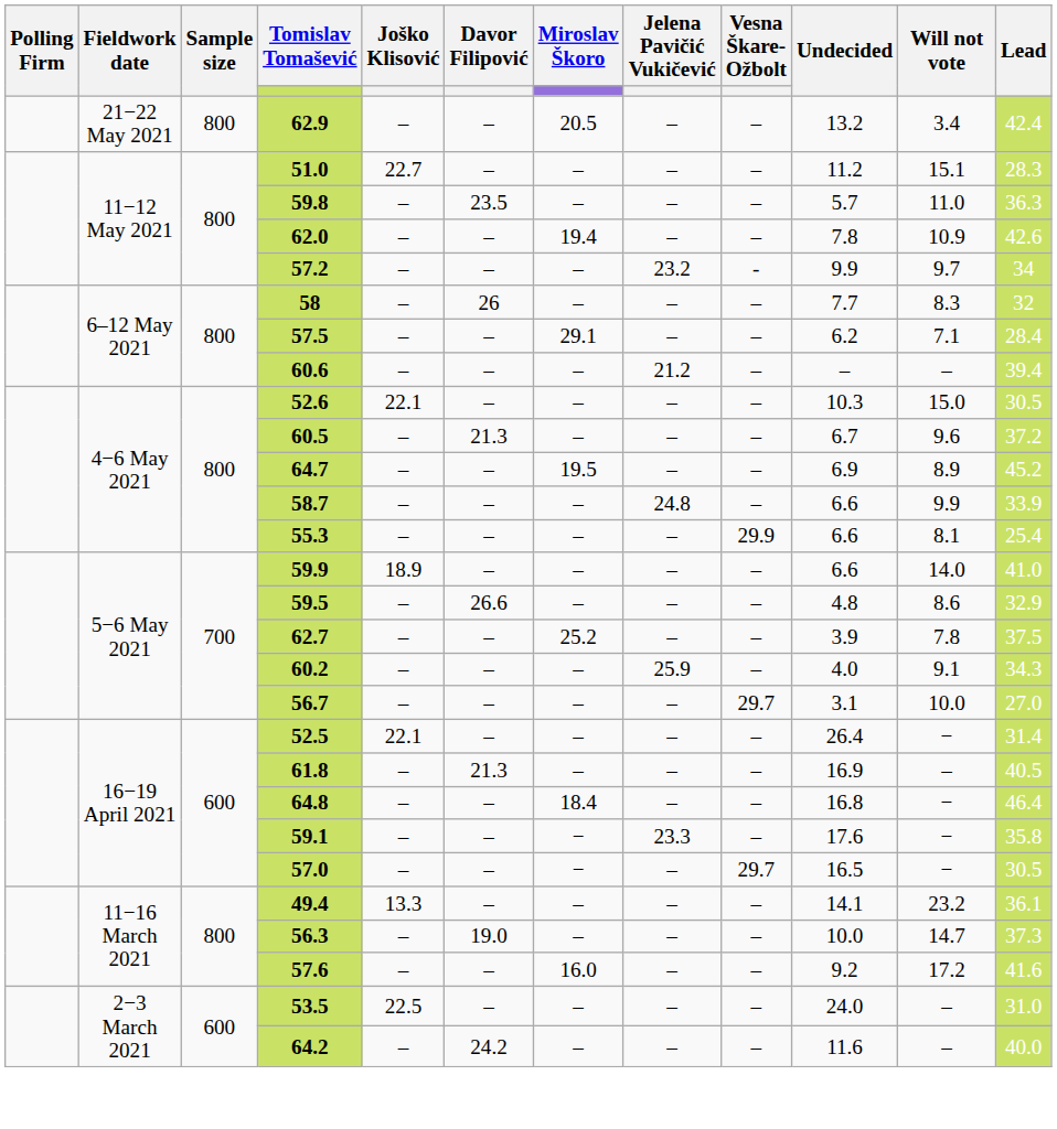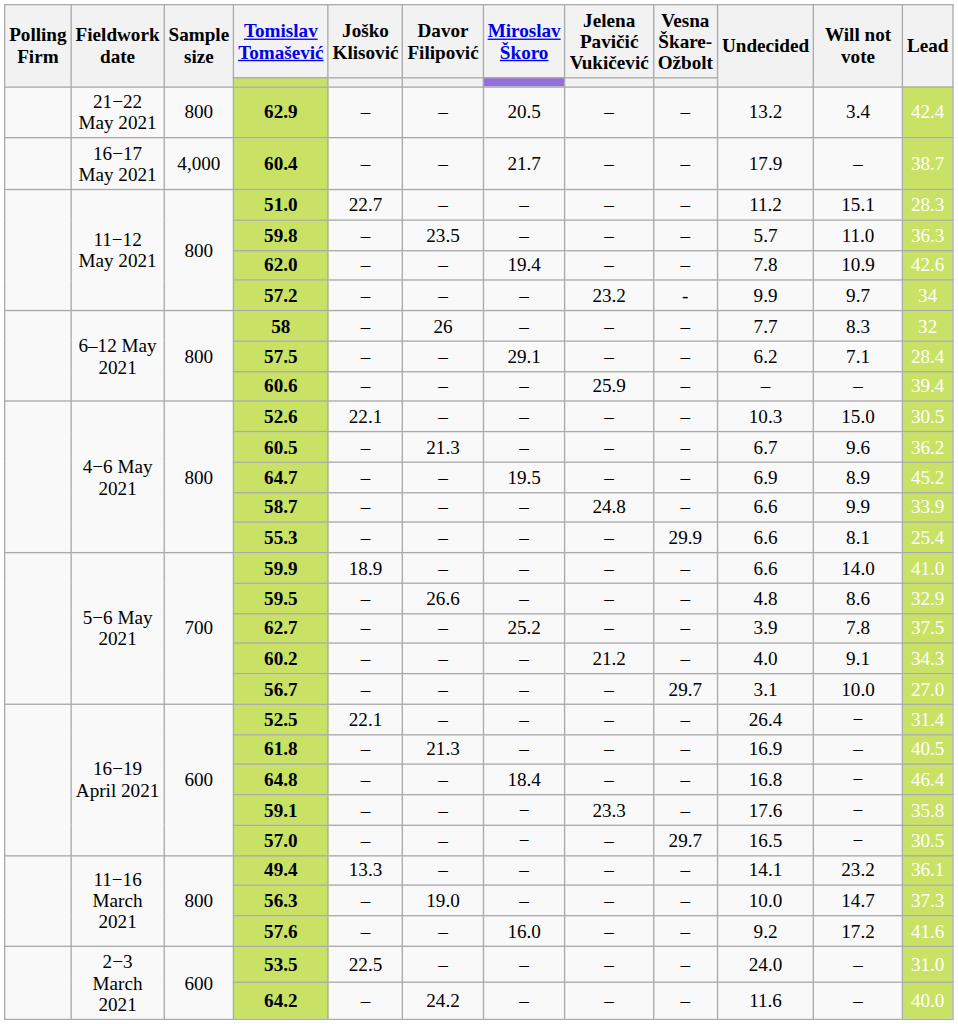 <table class="wikitable sortable" style="text-align:center; font-size:90%; line-height:16px;">
 <tr style="height:42px;">
 <th rowspan="2" style="width:40px;">Polling Firm</th>
 <th rowspan="2" style="width:40px;">Fieldwork date</th>
 <th rowspan="2" style="width:40px;">Sample <br> size</th>
 <th class="unsortable" style="width:40px;"><a href='#'>Tomislav Tomašević</a></th>
 <th class="unsortable" style="width:40px;">Joško Klisović</th>
 <th class="unsortable" style="width:40px;">Davor Filipović</th>
 <th class="unsortable" style="width:40px;"><a href='#'>Miroslav Škoro</a></th>
 <th class="unsortable" style="width:40px;">Jelena Pavičić Vukičević</th>
 <th class="unsortable" style="width:40px;">Vesna Škare-Ožbolt</th>
 <th rowspan="2" class="unsortable" style="width:40px;">Undecided</th>
 <th rowspan="2" class="unsortable" style="width:60px;">Will not vote</th>
 <th rowspan="2" class="unsortable" style="width:20px;">Lead</th>
 </tr>
 <tr>
 <th class="unsortable" style="background:#C9E265" width="45px"></th>
 <th class="unsortable" style="color:inherit;background:"></th>
 <th class="unsortable" style="color:inherit;background:"></th>
 <th class="unsortable" style="color:inherit;background:#9370DB; width:45px;"></th>
 <th class="unsortable" style="color:inherit;background:"></th>
 <th class="unsortable" style="color:inherit;background:"></th>
 </tr>
 <tr>
 <td></td>
 <td>21−22 May 2021</td>
 <td>800</td>
 <td style="background:#C9E265"><strong>62.9</strong></td>
 <td>–</td>
 <td>–</td>
 <td>20.5</td>
 <td>–</td>
 <td>–</td>
 <td>13.2</td>
 <td>3.4</td>
 <td style="background:#C9E265; color: white">42.4</td>
+</tr>
+<tr>
+<td></td>
+<td>16−17 May 2021</td>
+<td>4,000</td>
+<td style="background:#C9E265"><strong>60.4</strong></td>
+<td>–</td>
+<td>–</td>
+<td>21.7</td>
+<td>–</td>
+<td>–</td>
+<td>17.9</td>
+<td>–</td>
+<td style="background:#C9E265; color: white">38.7</td>
 </tr>
 <tr>
 <td rowspan=4></td>
 <td rowspan=4>11−12 May 2021</td>
 <td rowspan=4>800</td>
 <td style="background:#C9E265"><strong>51.0</strong></td>
 <td>22.7</td>
 <td>–</td>
 <td>–</td>
 <td>–</td>
 <td>–</td>
 <td>11.2</td>
 <td>15.1</td>
 <td style="background:#C9E265; color: white">28.3</td>
 </tr>
 <tr>
 <td style="background:#C9E265"><strong>59.8</strong></td>
 <td>–</td>
 <td>23.5</td>
 <td>–</td>
 <td>–</td>
 <td>–</td>
 <td>5.7</td>
 <td>11.0</td>
 <td style="background:#C9E265; color: white">36.3</td>
 </tr>
 <tr>
 <td style="background:#C9E265"><strong>62.0</strong></td>
 <td>–</td>
 <td>–</td>
 <td>19.4</td>
 <td>–</td>
 <td>–</td>
 <td>7.8</td>
 <td>10.9</td>
 <td style="background:#C9E265; color: white">42.6</td>
 </tr>
 <tr>
 <td style="background:#C9E265"><strong>57.2</strong></td>
 <td>–</td>
 <td>–</td>
 <td>–</td>
 <td>23.2</td>
 <td>-</td>
 <td>9.9</td>
 <td>9.7</td>
 <td style="background:#C9E265; color: white">34</td>
 </tr>
 <tr>
 <td rowspan=3></td>
 <td rowspan=3>6–12 May 2021</td>
 <td rowspan=3>800</td>
 <td style="background:#C9E265"><strong>58</strong></td>
 <td>–</td>
 <td>26</td>
 <td>–</td>
 <td>–</td>
 <td>–</td>
 <td>7.7</td>
 <td>8.3</td>
 <td style="background:#C9E265; color: white">32</td>
 </tr>
 <tr>
 <td style="background:#C9E265"><strong>57.5</strong></td>
 <td>–</td>
 <td>–</td>
 <td>29.1</td>
 <td>–</td>
 <td>–</td>
 <td>6.2</td>
 <td>7.1</td>
 <td style="background:#C9E265; color: white">28.4</td>
 </tr>
 <tr>
 <td style="background:#C9E265"><strong>60.6</strong></td>
 <td>–</td>
 <td>–</td>
 <td>–</td>
-<td>21.2</td>
+<td>25.9</td>
 <td>–</td>
 <td>–</td>
 <td>–</td>
 <td style="background:#C9E265; color: white">39.4</td>
 </tr>
 <tr>
 <td rowspan="5"></td>
 <td rowspan="5">4−6 May 2021</td>
 <td rowspan="5">800</td>
 <td style="background:#C9E265"><strong>52.6</strong></td>
 <td>22.1</td>
 <td>–</td>
 <td>–</td>
 <td>–</td>
 <td>–</td>
 <td>10.3</td>
 <td>15.0</td>
 <td style="background:#C9E265; color: white">30.5</td>
 </tr>
 <tr>
 <td style="background:#C9E265"><strong>60.5</strong></td>
 <td>–</td>
 <td>21.3</td>
 <td>–</td>
 <td>–</td>
 <td>–</td>
 <td>6.7</td>
 <td>9.6</td>
-<td style="background:#C9E265; color: white">37.2</td>
+<td style="background:#C9E265; color: white">36.2</td>
 </tr>
 <tr>
 <td style="background:#C9E265"><strong>64.7</strong></td>
 <td>–</td>
 <td>–</td>
 <td>19.5</td>
 <td>–</td>
 <td>–</td>
 <td>6.9</td>
 <td>8.9</td>
 <td style="background:#C9E265; color: white">45.2</td>
 </tr>
 <tr>
 <td style="background:#C9E265"><strong>58.7</strong></td>
 <td>–</td>
 <td>–</td>
 <td>–</td>
 <td>24.8</td>
 <td>–</td>
 <td>6.6</td>
 <td>9.9</td>
 <td style="background:#C9E265; color: white">33.9</td>
 </tr>
 <tr>
 <td style="background:#C9E265"><strong>55.3</strong></td>
 <td>–</td>
 <td>–</td>
 <td>–</td>
 <td>–</td>
 <td>29.9</td>
 <td>6.6</td>
 <td>8.1</td>
 <td style="background:#C9E265; color: white">25.4</td>
 </tr>
 <tr>
 <td rowspan="5"></td>
 <td rowspan="5">5−6 May 2021</td>
 <td rowspan="5">700</td>
 <td style="background:#C9E265"><strong>59.9</strong></td>
 <td>18.9</td>
 <td>–</td>
 <td>–</td>
 <td>–</td>
 <td>–</td>
 <td>6.6</td>
 <td>14.0</td>
 <td style="background:#C9E265; color: white">41.0</td>
 </tr>
 <tr>
 <td style="background:#C9E265"><strong>59.5</strong></td>
 <td>–</td>
 <td>26.6</td>
 <td>–</td>
 <td>–</td>
 <td>–</td>
 <td>4.8</td>
 <td>8.6</td>
 <td style="background:#C9E265; color: white">32.9</td>
 </tr>
 <tr>
 <td style="background:#C9E265"><strong>62.7</strong></td>
 <td>–</td>
 <td>–</td>
 <td>25.2</td>
 <td>–</td>
 <td>–</td>
 <td>3.9</td>
 <td>7.8</td>
 <td style="background:#C9E265; color: white">37.5</td>
 </tr>
 <tr>
 <td style="background:#C9E265"><strong>60.2</strong></td>
 <td>–</td>
 <td>–</td>
 <td>–</td>
-<td>25.9</td>
+<td>21.2</td>
 <td>–</td>
 <td>4.0</td>
 <td>9.1</td>
 <td style="background:#C9E265; color: white">34.3</td>
 </tr>
 <tr>
 <td style="background:#C9E265"><strong>56.7</strong></td>
 <td>–</td>
 <td>–</td>
 <td>–</td>
 <td>–</td>
 <td>29.7</td>
 <td>3.1</td>
 <td>10.0</td>
 <td style="background:#C9E265; color: white">27.0</td>
 </tr>
 <tr>
 <td rowspan="5"></td>
 <td rowspan="5">16−19 April 2021</td>
 <td rowspan="5">600</td>
 <td style="background:#C9E265"><strong>52.5</strong></td>
 <td>22.1</td>
 <td>–</td>
 <td>–</td>
 <td>–</td>
 <td>–</td>
 <td>26.4</td>
 <td>−</td>
 <td style="background:#C9E265; color: white">31.4</td>
 </tr>
 <tr>
 <td style="background:#C9E265"><strong>61.8</strong></td>
 <td>–</td>
 <td>21.3</td>
 <td>–</td>
 <td>–</td>
 <td>–</td>
 <td>16.9</td>
 <td>–</td>
 <td style="background:#C9E265; color: white">40.5</td>
 </tr>
 <tr>
 <td style="background:#C9E265"><strong>64.8</strong></td>
 <td>–</td>
 <td>–</td>
 <td>18.4</td>
 <td>–</td>
 <td>–</td>
 <td>16.8</td>
 <td>−</td>
 <td style="background:#C9E265; color: white">46.4</td>
 </tr>
 <tr>
 <td style="background:#C9E265"><strong>59.1</strong></td>
 <td>–</td>
 <td>–</td>
 <td>−</td>
 <td>23.3</td>
 <td>–</td>
 <td>17.6</td>
 <td>−</td>
 <td style="background:#C9E265; color: white">35.8</td>
 </tr>
 <tr>
 <td style="background:#C9E265"><strong>57.0</strong></td>
 <td>–</td>
 <td>–</td>
 <td>−</td>
 <td>–</td>
 <td>29.7</td>
 <td>16.5</td>
 <td>−</td>
 <td style="background:#C9E265; color: white">30.5</td>
 </tr>
 <tr>
 <td rowspan="3"></td>
 <td rowspan="3">11−16 March 2021</td>
 <td rowspan="3">800</td>
 <td style="background:#C9E265"><strong>49.4</strong></td>
 <td>13.3</td>
 <td>–</td>
 <td>–</td>
 <td>–</td>
 <td>–</td>
 <td>14.1</td>
 <td>23.2</td>
 <td style="background:#C9E265; color: white">36.1</td>
 </tr>
 <tr>
 <td style="background:#C9E265"><strong>56.3</strong></td>
 <td>–</td>
 <td>19.0</td>
 <td>–</td>
 <td>–</td>
 <td>–</td>
 <td>10.0</td>
 <td>14.7</td>
 <td style="background:#C9E265; color: white">37.3</td>
 </tr>
 <tr>
 <td style="background:#C9E265"><strong>57.6</strong></td>
 <td>–</td>
 <td>–</td>
 <td>16.0</td>
 <td>–</td>
 <td>–</td>
 <td>9.2</td>
 <td>17.2</td>
 <td style="background:#C9E265; color: white">41.6</td>
 </tr>
 <tr>
 <td rowspan="2"></td>
 <td rowspan="2">2−3 March 2021</td>
 <td rowspan="2">600</td>
 <td style="background:#C9E265"><strong>53.5</strong></td>
 <td>22.5</td>
 <td>–</td>
 <td>–</td>
 <td>–</td>
 <td>–</td>
 <td>24.0</td>
 <td>–</td>
 <td style="background:#C9E265; color: white">31.0</td>
 </tr>
 <tr>
 <td style="background:#C9E265"><strong>64.2</strong></td>
 <td>–</td>
 <td>24.2</td>
 <td>–</td>
 <td>–</td>
 <td>–</td>
 <td>11.6</td>
 <td>–</td>
 <td style="background:#C9E265; color: white">40.0</td>
 </tr>
 </table>
